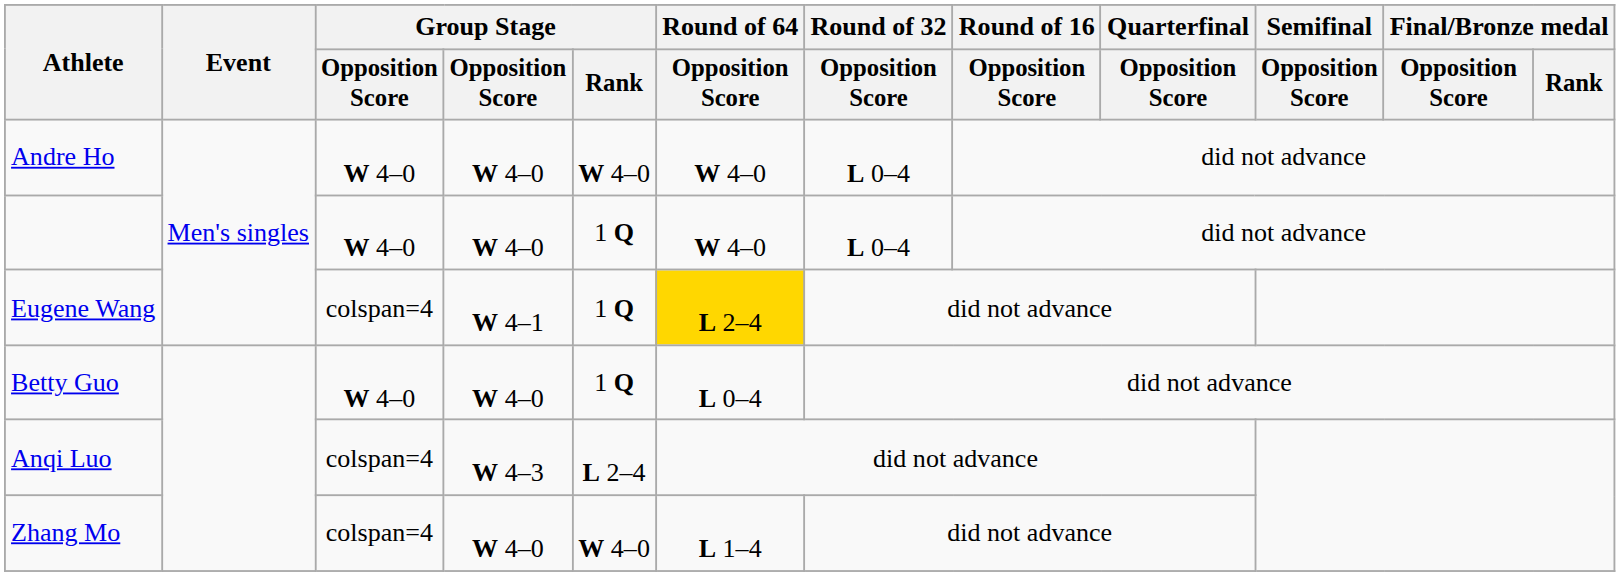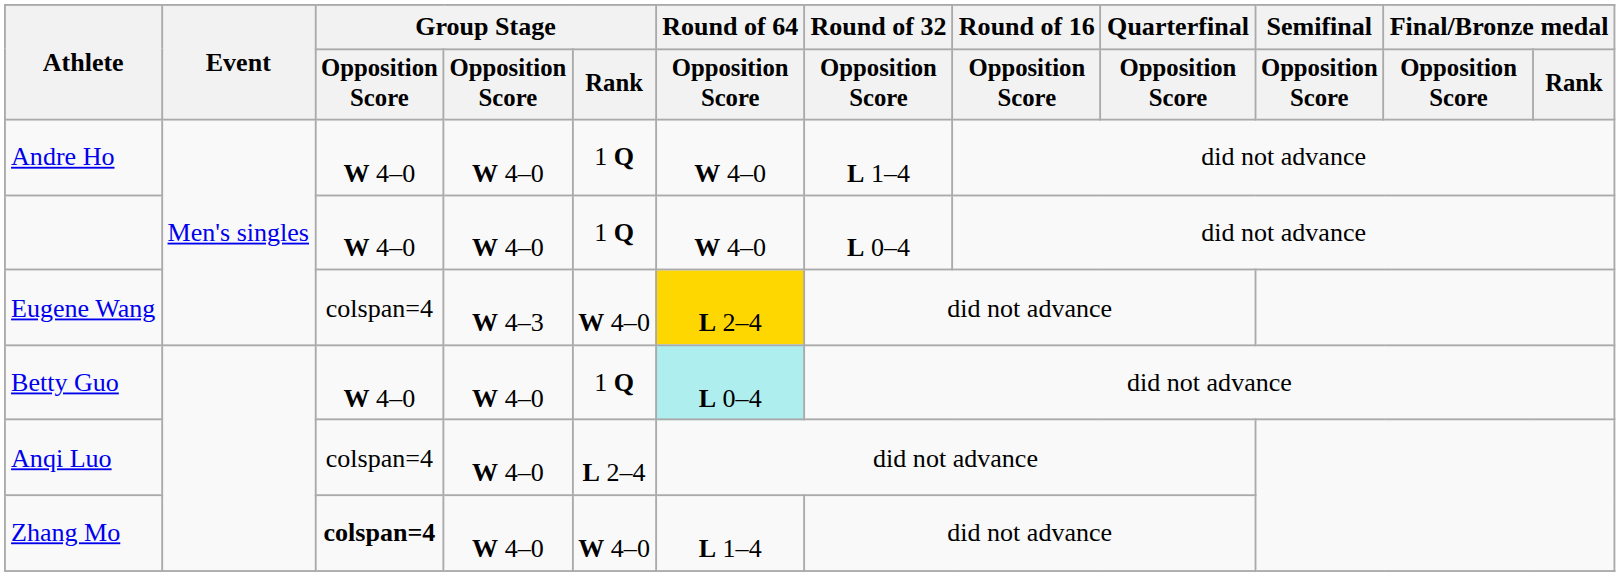 <table class="wikitable" style="font-size:88%">
 <tr>
 <th rowspan=2>Athlete</th>
 <th rowspan=2>Event</th>
 <th colspan=3>Group Stage</th>
 <th>Round of 64</th>
 <th>Round of 32</th>
 <th>Round of 16</th>
 <th>Quarterfinal</th>
 <th>Semifinal</th>
 <th colspan=2>Final/Bronze medal</th>
 </tr>
 <tr style="font-size:95%">
 <th>Opposition<br>Score</th>
 <th>Opposition<br>Score</th>
 <th>Rank</th>
 <th>Opposition<br>Score</th>
 <th>Opposition<br>Score</th>
 <th>Opposition<br>Score</th>
 <th>Opposition<br>Score</th>
 <th>Opposition<br>Score</th>
 <th>Opposition<br>Score</th>
 <th>Rank</th>
 </tr>
 <tr align=center>
 <td align=left><a href='#'>Andre Ho</a></td>
 <td align=left rowspan="3"><a href='#'>Men's singles</a></td>
 <td><br><strong>W</strong> 4–0</td>
 <td><br><strong>W</strong> 4–0</td>
+<td>1 <strong>Q</strong></td>
 <td><br><strong>W</strong> 4–0</td>
-<td><br><strong>W</strong> 4–0</td>
-<td><br><strong>L</strong> 0–4</td>
+<td><br><strong>L</strong> 1–4</td>
 <td colspan="5">did not advance</td>
 </tr>
 <tr align=center>
 <td align=left></td>
 <td><br><strong>W</strong> 4–0</td>
 <td><br><strong>W</strong> 4–0</td>
 <td>1 <strong>Q</strong></td>
 <td><br><strong>W</strong> 4–0</td>
 <td><br><strong>L</strong> 0–4</td>
 <td colspan="5">did not advance</td>
 </tr>
 <tr align=center>
 <td align=left><a href='#'>Eugene Wang</a></td>
 <td>colspan=4 </td>
-<td><br><strong>W</strong> 4–1</td>
-<td>1 <strong>Q</strong></td>
+<td><br><strong>W</strong> 4–3</td>
+<td><br><strong>W</strong> 4–0</td>
 <td style="background: gold;"><br><strong>L</strong> 2–4</td>
 <td colspan="3">did not advance</td>
 </tr>
 <tr align=center>
 <td align=left><a href='#'>Betty Guo</a></td>
 <td align=left rowspan="3"></td>
 <td><br><strong>W</strong> 4–0</td>
 <td><br><strong>W</strong> 4–0</td>
 <td>1 <strong>Q</strong></td>
-<td><br><strong>L</strong> 0–4</td>
+<td style="background: paleturquoise;"><br><strong>L</strong> 0–4</td>
 <td colspan="6">did not advance</td>
 </tr>
 <tr align=center>
 <td align=left><a href='#'>Anqi Luo</a></td>
 <td>colspan=4 </td>
-<td><br><strong>W</strong> 4–3</td>
+<td><br><strong>W</strong> 4–0</td>
 <td><br><strong>L</strong> 2–4</td>
 <td colspan="4">did not advance</td>
 </tr>
 <tr align=center>
 <td align=left><a href='#'>Zhang Mo</a></td>
-<td>colspan=4 </td>
+<td><strong>colspan=4 </strong></td>
 <td><br><strong>W</strong> 4–0</td>
 <td><br><strong>W</strong> 4–0</td>
 <td><br><strong>L</strong> 1–4</td>
 <td colspan="3">did not advance</td>
 </tr>
 </table>
